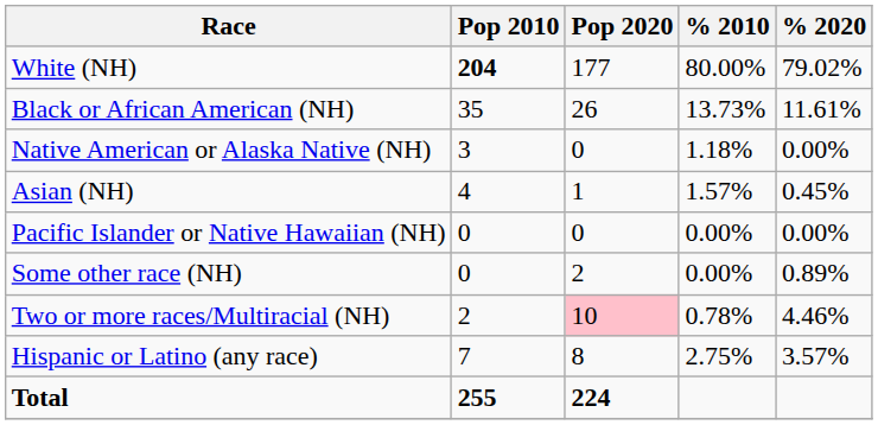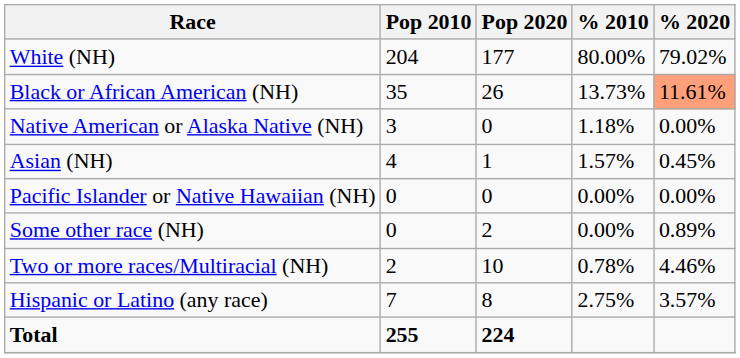 <table class="wikitable">
 <tr>
 <th>Race</th>
 <th>Pop 2010</th>
 <th>Pop 2020</th>
 <th>% 2010</th>
 <th>% 2020</th>
 </tr>
 <tr>
 <td><a href='#'>White</a> (NH)</td>
-<td><strong>204</strong></td>
+<td>204</td>
 <td>177</td>
 <td>80.00%</td>
 <td>79.02%</td>
 </tr>
 <tr>
 <td><a href='#'>Black or African American</a> (NH)</td>
 <td>35</td>
 <td>26</td>
 <td>13.73%</td>
-<td>11.61%</td>
+<td style="background: lightsalmon;">11.61%</td>
 </tr>
 <tr>
 <td><a href='#'>Native American</a> or <a href='#'>Alaska Native</a> (NH)</td>
 <td>3</td>
 <td>0</td>
 <td>1.18%</td>
 <td>0.00%</td>
 </tr>
 <tr>
 <td><a href='#'>Asian</a> (NH)</td>
 <td>4</td>
 <td>1</td>
 <td>1.57%</td>
 <td>0.45%</td>
 </tr>
 <tr>
 <td><a href='#'>Pacific Islander</a> or <a href='#'>Native Hawaiian</a> (NH)</td>
 <td>0</td>
 <td>0</td>
 <td>0.00%</td>
 <td>0.00%</td>
 </tr>
 <tr>
 <td><a href='#'>Some other race</a> (NH)</td>
 <td>0</td>
 <td>2</td>
 <td>0.00%</td>
 <td>0.89%</td>
 </tr>
 <tr>
 <td><a href='#'>Two or more races/Multiracial</a> (NH)</td>
 <td>2</td>
-<td style="background: pink;">10</td>
+<td>10</td>
 <td>0.78%</td>
 <td>4.46%</td>
 </tr>
 <tr>
 <td><a href='#'>Hispanic or Latino</a> (any race)</td>
 <td>7</td>
 <td>8</td>
 <td>2.75%</td>
 <td>3.57%</td>
 </tr>
 <tr>
 <td><strong>Total</strong></td>
 <td><strong>255</strong></td>
 <td><strong>224</strong></td>
 <td></td>
 <td></td>
 </tr>
 <tr>
 </tr>
 </table>
